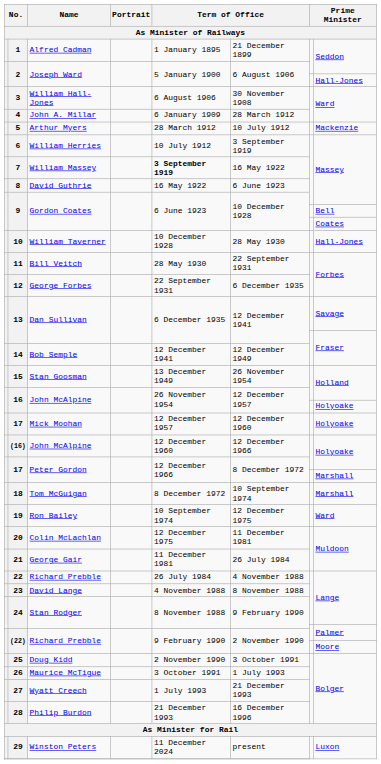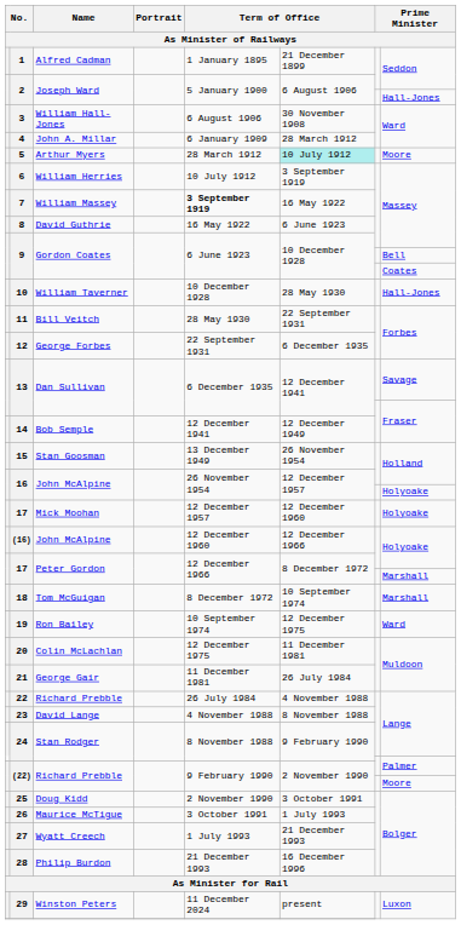 <table class="wikitable">
 <tr>
 <th colspan=2>No.</th>
 <th>Name</th>
 <th>Portrait</th>
 <th colspan=2>Term of Office</th>
 <th colspan=2>Prime Minister</th>
 </tr>
 <tr>
 <th colspan=8>As Minister of Railways</th>
 </tr>
 <tr>
 <th style="color:inherit;background:"></th>
 <th>1</th>
 <td><a href='#'>Alfred Cadman</a></td>
 <td></td>
 <td>1 January 1895</td>
 <td>21 December 1899</td>
 <td width=1 rowspan="2" style="color:inherit;background:"></td>
 <td rowspan="2"><a href='#'>Seddon</a></td>
 </tr>
 <tr>
 <th height=15 style="border-bottom:solid 0 grey; background:"></th>
 <th rowspan="2">2</th>
 <td rowspan="2"><a href='#'>Joseph Ward</a></td>
 <td rowspan="2"></td>
 <td rowspan="2">5 January 1900</td>
 <td rowspan="2">6 August 1906</td>
 </tr>
 <tr>
 <th height=15 style="border-top:solid 0 grey; background:"></th>
 <td style="color:inherit;background:"></td>
 <td><a href='#'>Hall-Jones</a></td>
 </tr>
 <tr>
 <th style="color:inherit;background:"></th>
 <th>3</th>
 <td><a href='#'>William Hall-Jones</a></td>
 <td></td>
 <td>6 August 1906</td>
 <td>30 November 1908</td>
 <td rowspan=2 style="color:inherit;background:"></td>
 <td rowspan=2><a href='#'>Ward</a></td>
 </tr>
 <tr>
 <th style="color:inherit;background:"></th>
 <th>4</th>
 <td><a href='#'>John A. Millar</a></td>
 <td></td>
 <td>6 January 1909</td>
 <td>28 March 1912</td>
 </tr>
 <tr>
 <th style="color:inherit;background:"></th>
 <th>5</th>
 <td><a href='#'>Arthur Myers</a></td>
 <td></td>
 <td>28 March 1912</td>
-<td>10 July 1912</td>
+<td style="background: paleturquoise;">10 July 1912</td>
 <td style="color:inherit;background:"></td>
-<td><a href='#'>Mackenzie</a></td>
+<td><a href='#'>Moore</a></td>
 </tr>
 <tr>
 <th style="color:inherit;background:"></th>
 <th>6</th>
 <td><a href='#'>William Herries</a></td>
 <td></td>
 <td>10 July 1912</td>
 <td>3 September 1919</td>
 <td rowspan=3 style="border-bottom:solid 0 grey; background:"></td>
 <td rowspan=4><a href='#'>Massey</a></td>
 </tr>
 <tr>
 <th style="color:inherit;background:"></th>
 <th>7</th>
 <td><a href='#'>William Massey</a></td>
 <td></td>
 <td><strong>3 September 1919</strong></td>
 <td>16 May 1922</td>
 </tr>
 <tr>
 <th style="color:inherit;background:"></th>
 <th>8</th>
 <td><a href='#'>David Guthrie</a></td>
 <td></td>
 <td>16 May 1922</td>
 <td>6 June 1923</td>
 </tr>
 <tr>
 <th rowspan=3 style="color:inherit;background:"></th>
 <th rowspan=3>9</th>
 <td rowspan=3><a href='#'>Gordon Coates</a></td>
 <td rowspan=3></td>
 <td rowspan=3>6 June 1923</td>
 <td rowspan=3>10 December 1928</td>
 <td height=15 style="border-top:solid 0 grey; background:"></td>
 </tr>
 <tr>
 <td height=15 style="color:inherit;background:"></td>
 <td><a href='#'>Bell</a></td>
 </tr>
 <tr>
 <td height=15 style="border-bottom:solid 0 grey; background:"></td>
 <td><a href='#'>Coates</a></td>
 </tr>
 <tr>
 <th style="color:inherit;background:"></th>
 <th>10</th>
 <td><a href='#'>William Taverner</a></td>
 <td></td>
 <td>10 December 1928</td>
 <td>28 May 1930</td>
 <td style="color:inherit;background:"></td>
 <td><a href='#'>Hall-Jones</a></td>
 </tr>
 <tr>
 <th style="color:inherit;background:"></th>
 <th>11</th>
 <td><a href='#'>Bill Veitch</a></td>
 <td></td>
 <td>28 May 1930</td>
 <td>22 September 1931</td>
 <td rowspan=2 style="color:inherit;background:"></td>
 <td rowspan=2><a href='#'>Forbes</a></td>
 </tr>
 <tr>
 <th style="color:inherit;background:"></th>
 <th>12</th>
 <td><a href='#'>George Forbes</a></td>
 <td></td>
 <td>22 September 1931</td>
 <td>6 December 1935</td>
 </tr>
 <tr>
 <th height=50 style="border-bottom:solid 0 grey; background:"></th>
 <th rowspan=2>13</th>
 <td rowspan=2><a href='#'>Dan Sullivan</a></td>
 <td rowspan=2></td>
 <td rowspan=2>6 December 1935</td>
 <td rowspan=2>12 December 1941</td>
 <td style="color:inherit;background:"></td>
 <td><a href='#'>Savage</a></td>
 </tr>
 <tr>
 <th height=15 style="border-top:solid 0 grey; background:"></th>
 <td style="border-bottom:solid 0 grey; background:"></td>
 <td rowspan=2><a href='#'>Fraser</a></td>
 </tr>
 <tr>
 <th style="color:inherit;background:"></th>
 <th>14</th>
 <td><a href='#'>Bob Semple</a></td>
 <td></td>
 <td>12 December 1941</td>
 <td>12 December 1949</td>
 <td style="border-top:solid 0 grey; background:"></td>
 </tr>
 <tr>
 <th style="color:inherit;background:"></th>
 <th>15</th>
 <td><a href='#'>Stan Goosman</a></td>
 <td></td>
 <td>13 December 1949</td>
 <td>26 November 1954</td>
 <td rowspan="2" style="color:inherit;background:"></td>
 <td rowspan="2"><a href='#'>Holland</a></td>
 </tr>
 <tr>
 <th height=15 style="border-bottom:solid 0 grey; background:"></th>
 <th rowspan="2">16</th>
 <td rowspan="2"><a href='#'>John McAlpine</a></td>
 <td rowspan="2"></td>
 <td rowspan="2">26 November 1954</td>
 <td rowspan="2">12 December 1957</td>
 </tr>
 <tr>
 <th height=15 style="border-top:solid 0 grey; background:"></th>
 <td style="color:inherit;background:"></td>
 <td><a href='#'>Holyoake</a></td>
 </tr>
 <tr>
 <th style="color:inherit;background:"></th>
 <th>17</th>
 <td><a href='#'>Mick Moohan</a></td>
 <td></td>
 <td>12 December 1957</td>
 <td>12 December 1960</td>
 <td style="color:inherit;background:"></td>
 <td><a href='#'>Holyoake</a></td>
 </tr>
 <tr>
 <th style="color:inherit;background:"></th>
 <th><small>(16)</small></th>
 <td><a href='#'>John McAlpine</a></td>
 <td></td>
 <td>12 December 1960</td>
 <td>12 December 1966</td>
 <td rowspan=2 style="color:inherit;background:"></td>
 <td rowspan=2><a href='#'>Holyoake</a></td>
 </tr>
 <tr>
 <th height=15 style="border-bottom:solid 0 grey; background:"></th>
 <th rowspan=2>17</th>
 <td rowspan=2><a href='#'>Peter Gordon</a></td>
 <td rowspan=2></td>
 <td rowspan=2>12 December 1966</td>
 <td rowspan=2>8 December 1972</td>
 </tr>
 <tr>
 <th height=15 style="border-top:solid 0 grey; background:"></th>
 <td style="color:inherit;background:"></td>
 <td><a href='#'>Marshall</a></td>
 </tr>
 <tr>
 <th style="color:inherit;background:"></th>
 <th>18</th>
 <td><a href='#'>Tom McGuigan</a></td>
 <td></td>
 <td>8 December 1972</td>
 <td>10 September 1974</td>
 <td style="color:inherit;background:"></td>
 <td><a href='#'>Marshall</a></td>
 </tr>
 <tr>
 <th style="color:inherit;background:"></th>
 <th>19</th>
 <td><a href='#'>Ron Bailey</a></td>
 <td></td>
 <td>10 September 1974</td>
 <td>12 December 1975</td>
 <td style="color:inherit;background:"></td>
 <td><a href='#'>Ward</a></td>
 </tr>
 <tr>
 <th style="color:inherit;background:"></th>
 <th>20</th>
 <td><a href='#'>Colin McLachlan</a></td>
 <td></td>
 <td>12 December 1975</td>
 <td>11 December 1981</td>
 <td rowspan=2 style="color:inherit;background:"></td>
 <td rowspan=2><a href='#'>Muldoon</a></td>
 </tr>
 <tr>
 <th style="color:inherit;background:"></th>
 <th>21</th>
 <td><a href='#'>George Gair</a></td>
 <td></td>
 <td>11 December 1981</td>
 <td>26 July 1984</td>
 </tr>
 <tr>
 <th style="color:inherit;background:"></th>
 <th>22</th>
 <td><a href='#'>Richard Prebble</a></td>
 <td></td>
 <td>26 July 1984</td>
 <td>4 November 1988</td>
 <td rowspan=3 style="color:inherit;background:"></td>
 <td rowspan=3><a href='#'>Lange</a></td>
 </tr>
 <tr>
 <th style="color:inherit;background:"></th>
 <th>23</th>
 <td><a href='#'>David Lange</a></td>
 <td></td>
 <td>4 November 1988</td>
 <td>8 November 1988</td>
 </tr>
 <tr>
 <th height=40 style="border-bottom:solid 0 grey; background:"></th>
 <th rowspan=2>24</th>
 <td rowspan=2><a href='#'>Stan Rodger</a></td>
 <td rowspan=2></td>
 <td rowspan=2>8 November 1988</td>
 <td rowspan=2>9 February 1990</td>
 </tr>
 <tr>
 <td style="border-top:solid 0 grey; background:"></td>
 <td rowspan=2 style="color:inherit;background:"></td>
 <td rowspan=2><a href='#'>Palmer</a></td>
 </tr>
 <tr>
 <th height=15 style="border-bottom:solid 0 grey; background:"></th>
 <th rowspan=2><small>(22)</small></th>
 <td rowspan=2><a href='#'>Richard Prebble</a></td>
 <td rowspan=2></td>
 <td rowspan=2>9 February 1990</td>
 <td rowspan=2>2 November 1990</td>
 </tr>
 <tr>
 <th height=15 style="border-top:solid 0 grey; background:"></th>
 <td style="color:inherit;background:"></td>
 <td><a href='#'>Moore</a></td>
 </tr>
 <tr>
 <th style="color:inherit;background:"></th>
 <th>25</th>
 <td><a href='#'>Doug Kidd</a></td>
 <td></td>
 <td>2 November 1990</td>
 <td>3 October 1991</td>
 <td rowspan=4 style="color:inherit;background:"></td>
 <td rowspan=4><a href='#'>Bolger</a></td>
 </tr>
 <tr>
 <th style="color:inherit;background:"></th>
 <th>26</th>
 <td><a href='#'>Maurice McTigue</a></td>
 <td></td>
 <td>3 October 1991</td>
 <td>1 July 1993</td>
 </tr>
 <tr>
 <th style="color:inherit;background:"></th>
 <th>27</th>
 <td><a href='#'>Wyatt Creech</a></td>
 <td></td>
 <td>1 July 1993</td>
 <td>21 December 1993</td>
 </tr>
 <tr>
 <th style="color:inherit;background:"></th>
 <th>28</th>
 <td><a href='#'>Philip Burdon</a></td>
 <td></td>
 <td>21 December 1993</td>
 <td>16 December 1996</td>
 </tr>
 <tr>
 <th colspan=8>As Minister for Rail</th>
 </tr>
 <tr>
 <th style="color:inherit;background:"></th>
 <th>29</th>
 <td><a href='#'>Winston Peters</a></td>
 <td></td>
 <td>11 December 2024</td>
 <td>present</td>
 <td rowspan=4 style="color:inherit;background:"></td>
 <td rowspan=4><a href='#'>Luxon</a></td>
 </tr>
 <tr>
 </tr>
 </table>
